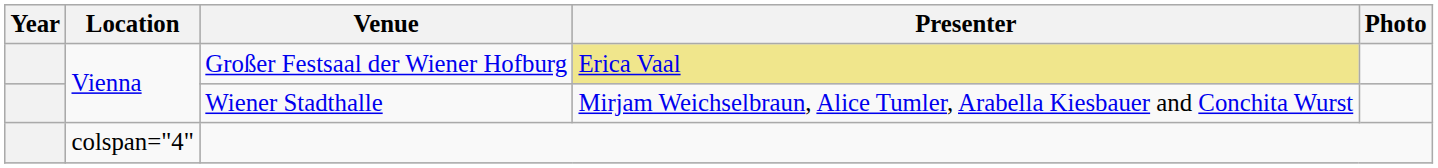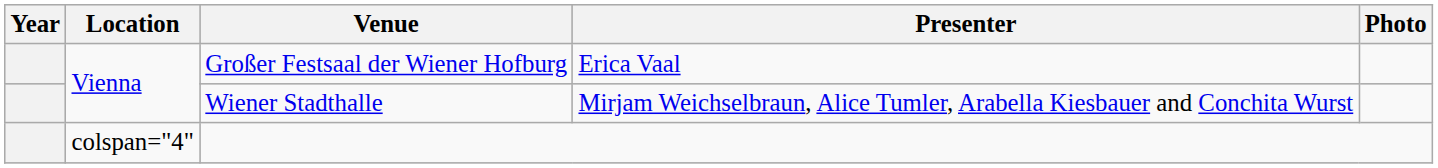 <table class="wikitable plainrowheaders">
 <tr>
 <th>Year</th>
 <th>Location</th>
 <th>Venue</th>
 <th>Presenter</th>
 <th>Photo</th>
 </tr>
 <tr>
 <th scope="row"></th>
 <td rowspan=2><a href='#'>Vienna</a></td>
 <td><a href='#'>Großer Festsaal der Wiener Hofburg</a></td>
-<td style="background: khaki;"><a href='#'>Erica Vaal</a></td>
+<td><a href='#'>Erica Vaal</a></td>
 <td></td>
 </tr>
 <tr>
 <th scope="row"></th>
 <td><a href='#'>Wiener Stadthalle</a></td>
 <td><a href='#'>Mirjam Weichselbraun</a>, <a href='#'>Alice Tumler</a>, <a href='#'>Arabella Kiesbauer</a> and <a href='#'>Conchita Wurst</a></td>
 <td></td>
 </tr>
 <tr>
 <th scope="row"></th>
 <td>colspan="4" </td>
 </tr>
 </table>
